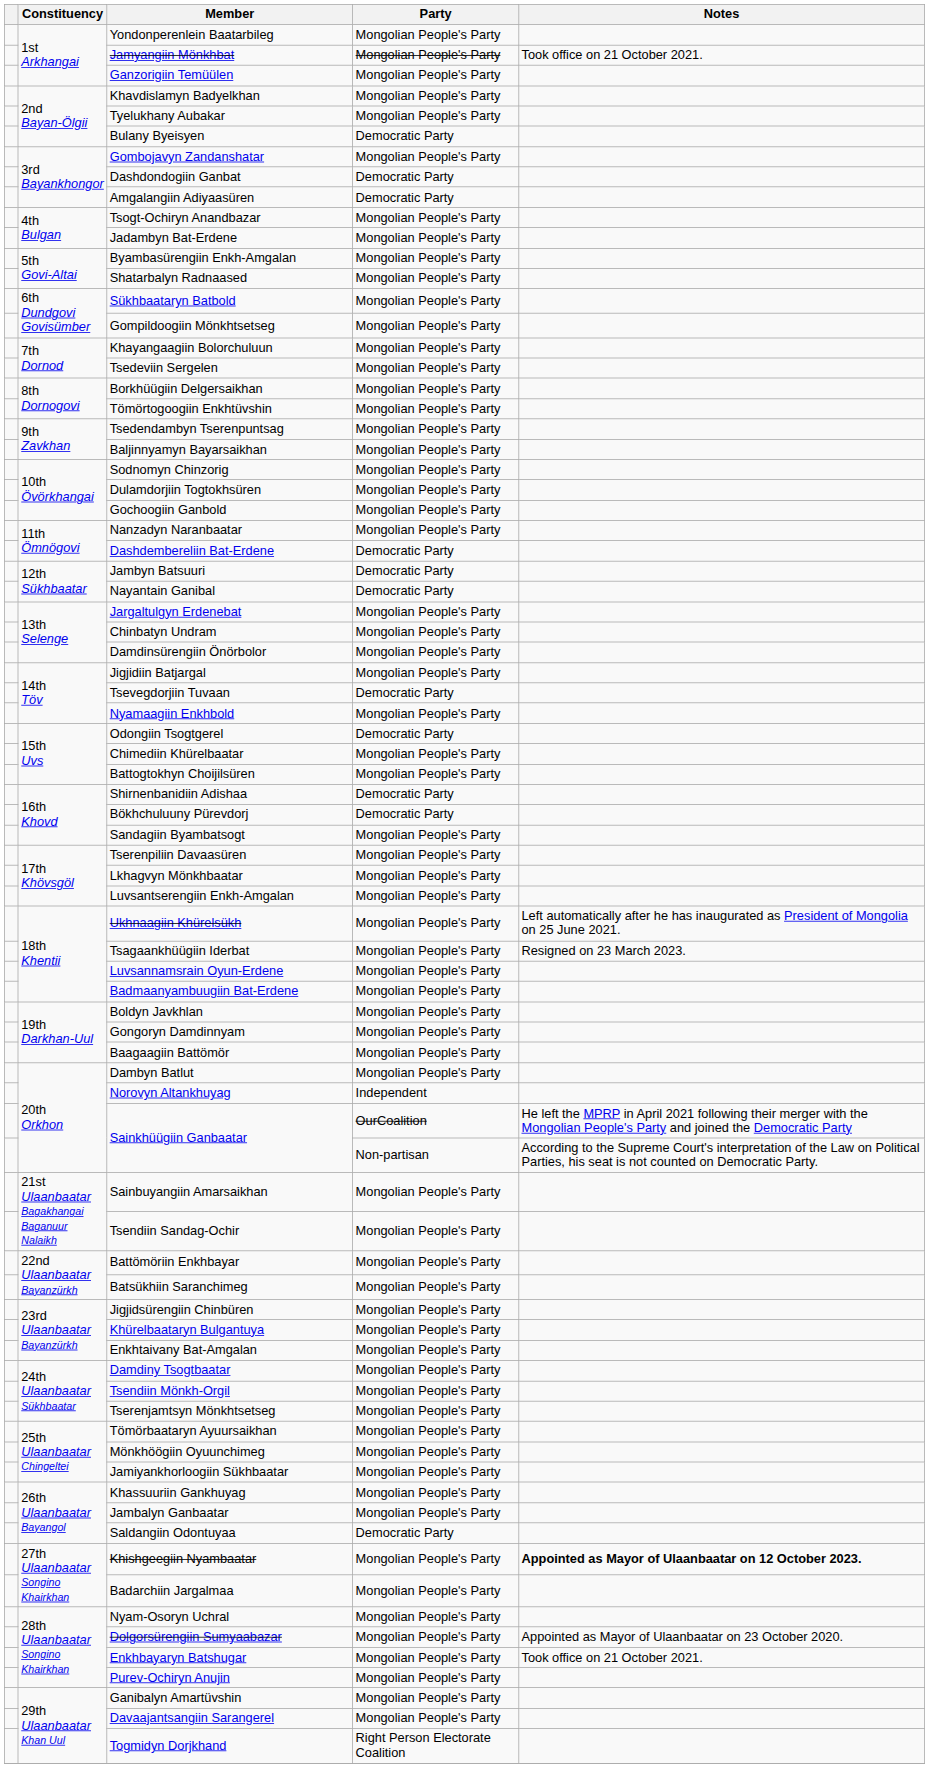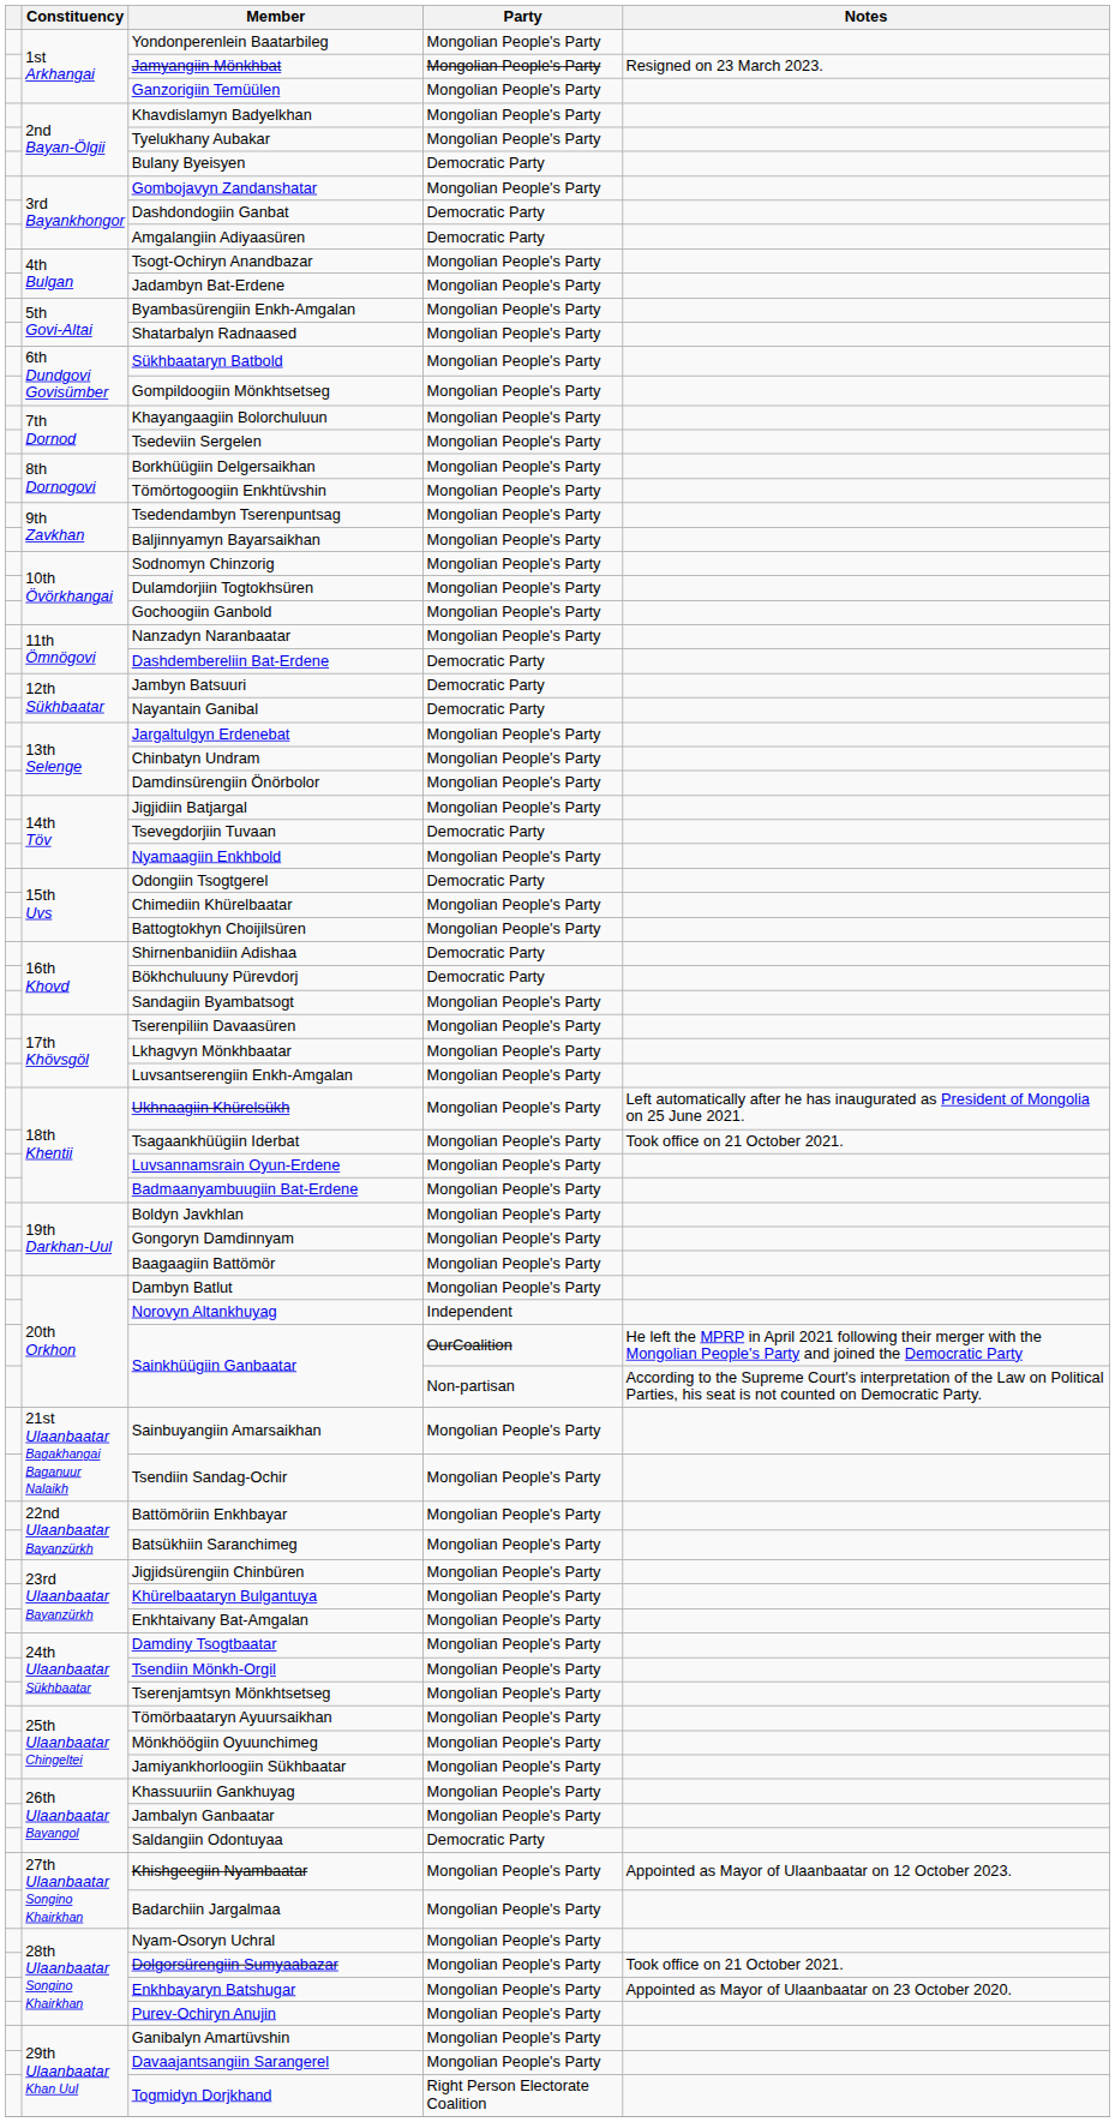 <table class="wikitable sortable">
 <tr>
 <th scope="col" width="10" class="unsortable"></th>
 <th scope="col" width="100">Constituency</th>
 <th scope="col" width="300">Member</th>
 <th scope="col" width="200">Party</th>
 <th scope="col" width="500" class="unsortable">Notes</th>
 </tr>
 <tr>
 <td scope="row" style="background-color:"></td>
 <td rowspan=3>1st<br><a href='#'><em>Arkhangai</em></a></td>
 <td>Yondonperenlein Baatarbileg</td>
 <td>Mongolian People's Party</td>
 <td></td>
 </tr>
 <tr>
 <td scope="row" style="background-color:"></td>
 <td><s><a href='#'>Jamyangiin Mönkhbat</a></s></td>
 <td><s>Mongolian People's Party</s></td>
-<td>Took office on 21 October 2021.</td>
+<td>Resigned on 23 March 2023.</td>
 </tr>
 <tr>
 <td scope="row" style="background-color:"></td>
 <td><a href='#'>Ganzorigiin Temüülen</a></td>
 <td>Mongolian People's Party</td>
 <td></td>
 </tr>
 <tr>
 <td scope="row" style="background-color:"></td>
 <td rowspan=3>2nd<br><a href='#'><em>Bayan-Ölgii</em></a></td>
 <td>Khavdislamyn Badyelkhan</td>
 <td>Mongolian People's Party</td>
 <td></td>
 </tr>
 <tr>
 <td scope="row" style="background-color:"></td>
 <td>Tyelukhany Aubakar</td>
 <td>Mongolian People's Party</td>
 <td></td>
 </tr>
 <tr>
 <td scope="row" style="background-color:"></td>
 <td>Bulany Byeisyen</td>
 <td>Democratic Party</td>
 <td></td>
 </tr>
 <tr>
 <td scope="row" style="background-color:"></td>
 <td rowspan=3>3rd<br><a href='#'><em>Bayankhongor</em></a></td>
 <td><a href='#'>Gombojavyn Zandanshatar</a></td>
 <td>Mongolian People's Party</td>
 <td></td>
 </tr>
 <tr>
 <td scope="row" style="background-color:"></td>
 <td>Dashdondogiin Ganbat</td>
 <td>Democratic Party</td>
 <td></td>
 </tr>
 <tr>
 <td scope="row" style="background-color:"></td>
 <td>Amgalangiin Adiyaasüren</td>
 <td>Democratic Party</td>
 <td></td>
 </tr>
 <tr>
 <td scope="row" style="background-color:"></td>
 <td rowspan=2>4th<br><a href='#'><em>Bulgan</em></a></td>
 <td>Tsogt-Ochiryn Anandbazar</td>
 <td>Mongolian People's Party</td>
 <td></td>
 </tr>
 <tr>
 <td scope="row" style="background-color:"></td>
 <td>Jadambyn Bat-Erdene</td>
 <td>Mongolian People's Party</td>
 <td></td>
 </tr>
 <tr>
 <td scope="row" style="background-color:"></td>
 <td rowspan=2>5th<br><a href='#'><em>Govi-Altai</em></a></td>
 <td>Byambasürengiin Enkh-Amgalan</td>
 <td>Mongolian People's Party</td>
 <td></td>
 </tr>
 <tr>
 <td scope="row" style="background-color:"></td>
 <td>Shatarbalyn Radnaased</td>
 <td>Mongolian People's Party</td>
 <td></td>
 </tr>
 <tr>
 <td scope="row" style="background-color:"></td>
 <td rowspan=2>6th<br><a href='#'><em>Dundgovi</em></a><br><a href='#'><em>Govisümber</em></a></td>
 <td><a href='#'>Sükhbaataryn Batbold</a></td>
 <td>Mongolian People's Party</td>
 <td></td>
 </tr>
 <tr>
 <td scope="row" style="background-color:"></td>
 <td>Gompildoogiin Mönkhtsetseg</td>
 <td>Mongolian People's Party</td>
 <td></td>
 </tr>
 <tr>
 <td scope="row" style="background-color:"></td>
 <td rowspan=2>7th<br><a href='#'><em>Dornod</em></a></td>
 <td>Khayangaagiin Bolorchuluun</td>
 <td>Mongolian People's Party</td>
 <td></td>
 </tr>
 <tr>
 <td scope="row" style="background-color:"></td>
 <td>Tsedeviin Sergelen</td>
 <td>Mongolian People's Party</td>
 <td></td>
 </tr>
 <tr>
 <td scope="row" style="background-color:"></td>
 <td rowspan=2>8th<br><a href='#'><em>Dornogovi</em></a></td>
 <td>Borkhüügiin Delgersaikhan</td>
 <td>Mongolian People's Party</td>
 <td></td>
 </tr>
 <tr>
 <td scope="row" style="background-color:"></td>
 <td>Tömörtogoogiin Enkhtüvshin</td>
 <td>Mongolian People's Party</td>
 <td></td>
 </tr>
 <tr>
 <td scope="row" style="background-color:"></td>
 <td rowspan=2>9th<br><a href='#'><em>Zavkhan</em></a></td>
 <td>Tsedendambyn Tserenpuntsag</td>
 <td>Mongolian People's Party</td>
 <td></td>
 </tr>
 <tr>
 <td scope="row" style="background-color:"></td>
 <td>Baljinnyamyn Bayarsaikhan</td>
 <td>Mongolian People's Party</td>
 <td></td>
 </tr>
 <tr>
 <td scope="row" style="background-color:"></td>
 <td rowspan=3>10th<br><a href='#'><em>Övörkhangai</em></a></td>
 <td>Sodnomyn Chinzorig</td>
 <td>Mongolian People's Party</td>
 <td></td>
 </tr>
 <tr>
 <td scope="row" style="background-color:"></td>
 <td>Dulamdorjiin Togtokhsüren</td>
 <td>Mongolian People's Party</td>
 <td></td>
 </tr>
 <tr>
 <td scope="row" style="background-color:"></td>
 <td>Gochoogiin Ganbold</td>
 <td>Mongolian People's Party</td>
 <td></td>
 </tr>
 <tr>
 <td scope="row" style="background-color:"></td>
 <td rowspan=2>11th<br><a href='#'><em>Ömnögovi</em></a></td>
 <td>Nanzadyn Naranbaatar</td>
 <td>Mongolian People's Party</td>
 <td></td>
 </tr>
 <tr>
 <td scope="row" style="background-color:"></td>
 <td><a href='#'>Dashdembereliin Bat-Erdene</a></td>
 <td>Democratic Party</td>
 <td></td>
 </tr>
 <tr>
 <td scope="row" style="background-color:"></td>
 <td rowspan=2>12th<br><a href='#'><em>Sükhbaatar</em></a></td>
 <td>Jambyn Batsuuri</td>
 <td>Democratic Party</td>
 <td></td>
 </tr>
 <tr>
 <td scope="row" style="background-color:"></td>
 <td>Nayantain Ganibal</td>
 <td>Democratic Party</td>
 <td></td>
 </tr>
 <tr>
 <td scope="row" style="background-color:"></td>
 <td rowspan=3>13th<br><a href='#'><em>Selenge</em></a></td>
 <td><a href='#'>Jargaltulgyn Erdenebat</a></td>
 <td>Mongolian People's Party</td>
 <td></td>
 </tr>
 <tr>
 <td scope="row" style="background-color:"></td>
 <td>Chinbatyn Undram</td>
 <td>Mongolian People's Party</td>
 <td></td>
 </tr>
 <tr>
 <td scope="row" style="background-color:"></td>
 <td>Damdinsürengiin Önörbolor</td>
 <td>Mongolian People's Party</td>
 <td></td>
 </tr>
 <tr>
 <td scope="row" style="background-color:"></td>
 <td rowspan=3>14th<br><a href='#'><em>Töv</em></a></td>
 <td>Jigjidiin Batjargal</td>
 <td>Mongolian People's Party</td>
 <td></td>
 </tr>
 <tr>
 <td scope="row" style="background-color:"></td>
 <td>Tsevegdorjiin Tuvaan</td>
 <td>Democratic Party</td>
 <td></td>
 </tr>
 <tr>
 <td scope="row" style="background-color:"></td>
 <td><a href='#'>Nyamaagiin Enkhbold</a></td>
 <td>Mongolian People's Party</td>
 <td></td>
 </tr>
 <tr>
 <td scope="row" style="background-color:"></td>
 <td rowspan=3>15th<br><a href='#'><em>Uvs</em></a></td>
 <td>Odongiin Tsogtgerel</td>
 <td>Democratic Party</td>
 <td></td>
 </tr>
 <tr>
 <td scope="row" style="background-color:"></td>
 <td>Chimediin Khürelbaatar</td>
 <td>Mongolian People's Party</td>
 <td></td>
 </tr>
 <tr>
 <td scope="row" style="background-color:"></td>
 <td>Battogtokhyn Choijilsüren</td>
 <td>Mongolian People's Party</td>
 <td></td>
 </tr>
 <tr>
 <td scope="row" style="background-color:"></td>
 <td rowspan=3>16th<br><a href='#'><em>Khovd</em></a></td>
 <td>Shirnenbanidiin Adishaa</td>
 <td>Democratic Party</td>
 <td></td>
 </tr>
 <tr>
 <td scope="row" style="background-color:"></td>
 <td>Bökhchuluuny Pürevdorj</td>
 <td>Democratic Party</td>
 <td></td>
 </tr>
 <tr>
 <td scope="row" style="background-color:"></td>
 <td>Sandagiin Byambatsogt</td>
 <td>Mongolian People's Party</td>
 <td></td>
 </tr>
 <tr>
 <td scope="row" style="background-color:"></td>
 <td rowspan=3>17th<br><a href='#'><em>Khövsgöl</em></a></td>
 <td>Tserenpiliin Davaasüren</td>
 <td>Mongolian People's Party</td>
 <td></td>
 </tr>
 <tr>
 <td scope="row" style="background-color:"></td>
 <td>Lkhagvyn Mönkhbaatar</td>
 <td>Mongolian People's Party</td>
 <td></td>
 </tr>
 <tr>
 <td scope="row" style="background-color:"></td>
 <td>Luvsantserengiin Enkh-Amgalan</td>
 <td>Mongolian People's Party</td>
 <td></td>
 </tr>
 <tr>
 <td scope="row" style="background-color:"></td>
 <td rowspan="4">18th<br><a href='#'><em>Khentii</em></a></td>
 <td><s><a href='#'>Ukhnaagiin Khürelsükh</a></s></td>
 <td>Mongolian People's Party</td>
 <td>Left automatically after he has inaugurated as <a href='#'>President of Mongolia</a> on 25 June 2021.<br></td>
 </tr>
 <tr>
 <td scope="row" style="background-color:"></td>
 <td>Tsagaankhüügiin Iderbat</td>
 <td>Mongolian People's Party</td>
-<td>Resigned on 23 March 2023.</td>
+<td>Took office on 21 October 2021.</td>
 </tr>
 <tr>
 <td scope="row" style="background-color:"></td>
 <td><a href='#'>Luvsannamsrain Oyun-Erdene</a></td>
 <td>Mongolian People's Party</td>
 <td></td>
 </tr>
 <tr>
 <td scope="row" style="background-color:"></td>
 <td><a href='#'>Badmaanyambuugiin Bat-Erdene</a></td>
 <td>Mongolian People's Party</td>
 <td></td>
 </tr>
 <tr>
 <td scope="row" style="background-color:"></td>
 <td rowspan=3>19th<br><a href='#'><em>Darkhan-Uul</em></a></td>
 <td>Boldyn Javkhlan</td>
 <td>Mongolian People's Party</td>
 <td></td>
 </tr>
 <tr>
 <td scope="row" style="background-color:"></td>
 <td>Gongoryn Damdinnyam</td>
 <td>Mongolian People's Party</td>
 <td></td>
 </tr>
 <tr>
 <td scope="row" style="background-color:"></td>
 <td>Baagaagiin Battömör</td>
 <td>Mongolian People's Party</td>
 <td></td>
 </tr>
 <tr>
 <td scope="row" style="background-color:"></td>
 <td rowspan=4>20th<br><a href='#'><em>Orkhon</em></a></td>
 <td>Dambyn Batlut</td>
 <td>Mongolian People's Party</td>
 <td></td>
 </tr>
 <tr>
 <td scope="row" style="background-color:"></td>
 <td><a href='#'>Norovyn Altankhuyag</a></td>
 <td>Independent</td>
 <td></td>
 </tr>
 <tr>
 <td scope="row" style="background-color:"></td>
 <td rowspan=2><a href='#'>Sainkhüügiin Ganbaatar</a></td>
 <td><s>OurCoalition</s></td>
 <td>He left the <a href='#'>MPRP</a> in April 2021 following their merger with the <a href='#'>Mongolian People's Party</a> and joined the <a href='#'>Democratic Party</a></td>
 </tr>
 <tr>
 <td scope="row" style="background-color:"></td>
 <td>Non-partisan</td>
 <td>According to the Supreme Court's interpretation of the Law on Political Parties, his seat is not counted on Democratic Party.</td>
 </tr>
 <tr>
 <td scope="row" style="background-color:"></td>
 <td rowspan=2>21st<br><em><a href='#'>Ulaanbaatar</a></em><br><small><em><a href='#'>Bagakhangai</a></em><br><em><a href='#'>Baganuur</a></em><br><em><a href='#'>Nalaikh</a></em></small></td>
 <td>Sainbuyangiin Amarsaikhan</td>
 <td>Mongolian People's Party</td>
 <td></td>
 </tr>
 <tr>
 <td scope="row" style="background-color:"></td>
 <td>Tsendiin Sandag-Ochir</td>
 <td>Mongolian People's Party</td>
 <td></td>
 </tr>
 <tr>
 <td scope="row" style="background-color:"></td>
 <td rowspan=2>22nd<br><em><a href='#'>Ulaanbaatar</a></em><br><small><em><a href='#'>Bayanzürkh</a></em></small></td>
 <td>Battömöriin Enkhbayar</td>
 <td>Mongolian People's Party</td>
 <td></td>
 </tr>
 <tr>
 <td scope="row" style="background-color:"></td>
 <td>Batsükhiin Saranchimeg</td>
 <td>Mongolian People's Party</td>
 <td></td>
 </tr>
 <tr>
 <td scope="row" style="background-color:"></td>
 <td rowspan=3>23rd<br><em><a href='#'>Ulaanbaatar</a></em><br><small><em><a href='#'>Bayanzürkh</a></em></small></td>
 <td>Jigjidsürengiin Chinbüren</td>
 <td>Mongolian People's Party</td>
 <td></td>
 </tr>
 <tr>
 <td scope="row" style="background-color:"></td>
 <td><a href='#'>Khürelbaataryn Bulgantuya</a></td>
 <td>Mongolian People's Party</td>
 <td></td>
 </tr>
 <tr>
 <td scope="row" style="background-color:"></td>
 <td>Enkhtaivany Bat-Amgalan</td>
 <td>Mongolian People's Party</td>
 <td></td>
 </tr>
 <tr>
 <td scope="row" style="background-color:"></td>
 <td rowspan=3>24th<br><em><a href='#'>Ulaanbaatar</a></em><br><small><a href='#'><em>Sükhbaatar</em></a></small></td>
 <td><a href='#'>Damdiny Tsogtbaatar</a></td>
 <td>Mongolian People's Party</td>
 <td></td>
 </tr>
 <tr>
 <td scope="row" style="background-color:"></td>
 <td><a href='#'>Tsendiin Mönkh-Orgil</a></td>
 <td>Mongolian People's Party</td>
 <td></td>
 </tr>
 <tr>
 <td scope="row" style="background-color:"></td>
 <td>Tserenjamtsyn Mönkhtsetseg</td>
 <td>Mongolian People's Party</td>
 <td></td>
 </tr>
 <tr>
 <td scope="row" style="background-color:"></td>
 <td rowspan=3>25th<br><em><a href='#'>Ulaanbaatar</a></em><br><small><em><a href='#'>Chingeltei</a></em></small></td>
 <td>Tömörbaataryn Ayuursaikhan</td>
 <td>Mongolian People's Party</td>
 <td></td>
 </tr>
 <tr>
 <td scope="row" style="background-color:"></td>
 <td>Mönkhöögiin Oyuunchimeg</td>
 <td>Mongolian People's Party</td>
 <td></td>
 </tr>
 <tr>
 <td scope="row" style="background-color:"></td>
 <td>Jamiyankhorloogiin Sükhbaatar</td>
 <td>Mongolian People's Party</td>
 <td></td>
 </tr>
 <tr>
 <td scope="row" style="background-color:"></td>
 <td rowspan=3>26th<br><em><a href='#'>Ulaanbaatar</a></em><br><small><a href='#'><em>Bayangol</em></a></small></td>
 <td>Khassuuriin Gankhuyag</td>
 <td>Mongolian People's Party</td>
 <td></td>
 </tr>
 <tr>
 <td scope="row" style="background-color:"></td>
 <td>Jambalyn Ganbaatar</td>
 <td>Mongolian People's Party</td>
 <td></td>
 </tr>
 <tr>
 <td scope="row" style="background-color:"></td>
 <td>Saldangiin Odontuyaa</td>
 <td>Democratic Party</td>
 <td></td>
 </tr>
 <tr>
 <td scope="row" style="background-color:"></td>
 <td rowspan=2>27th<br><em><a href='#'>Ulaanbaatar</a></em><br><small><em><a href='#'>Songino Khairkhan</a></em></small></td>
 <td><s>Khishgeegiin Nyambaatar</s></td>
 <td>Mongolian People's Party</td>
-<td><strong>Appointed as Mayor of Ulaanbaatar on 12 October 2023.</strong></td>
+<td>Appointed as Mayor of Ulaanbaatar on 12 October 2023.</td>
 </tr>
 <tr>
 <td scope="row" style="background-color:"></td>
 <td>Badarchiin Jargalmaa</td>
 <td>Mongolian People's Party</td>
 <td></td>
 </tr>
 <tr>
 <td scope="row" style="background-color:"></td>
 <td rowspan="4">28th<br><em><a href='#'>Ulaanbaatar</a></em><br><small><em><a href='#'>Songino Khairkhan</a></em></small></td>
 <td>Nyam-Osoryn Uchral</td>
 <td>Mongolian People's Party</td>
 <td></td>
 </tr>
 <tr>
 <td scope="row" style="background-color:"></td>
 <td><s><a href='#'>Dolgorsürengiin Sumyaabazar</a></s></td>
 <td>Mongolian People's Party</td>
-<td>Appointed as Mayor of Ulaanbaatar on 23 October 2020.</td>
+<td>Took office on 21 October 2021.</td>
 </tr>
 <tr>
 <td scope="row" style="background-color:"></td>
 <td><a href='#'>Enkhbayaryn Batshugar</a></td>
 <td>Mongolian People's Party</td>
-<td>Took office on 21 October 2021.</td>
+<td>Appointed as Mayor of Ulaanbaatar on 23 October 2020.</td>
 </tr>
 <tr>
 <td scope="row" style="background-color:"></td>
 <td><a href='#'>Purev-Ochiryn Anujin</a></td>
 <td>Mongolian People's Party</td>
 <td></td>
 </tr>
 <tr>
 <td scope="row" style="background-color:"></td>
 <td rowspan=3>29th<br><em><a href='#'>Ulaanbaatar</a></em><br><small><em><a href='#'>Khan Uul</a></em></small></td>
 <td>Ganibalyn Amartüvshin</td>
 <td>Mongolian People's Party</td>
 <td></td>
 </tr>
 <tr>
 <td scope="row" style="background-color:"></td>
 <td><a href='#'>Davaajantsangiin Sarangerel</a></td>
 <td>Mongolian People's Party</td>
 <td></td>
 </tr>
 <tr>
 <td scope="row" style="background-color:"></td>
 <td><a href='#'>Togmidyn Dorjkhand</a></td>
 <td>Right Person Electorate Coalition</td>
 <td></td>
 </tr>
 <tr>
 </tr>
 </table>
